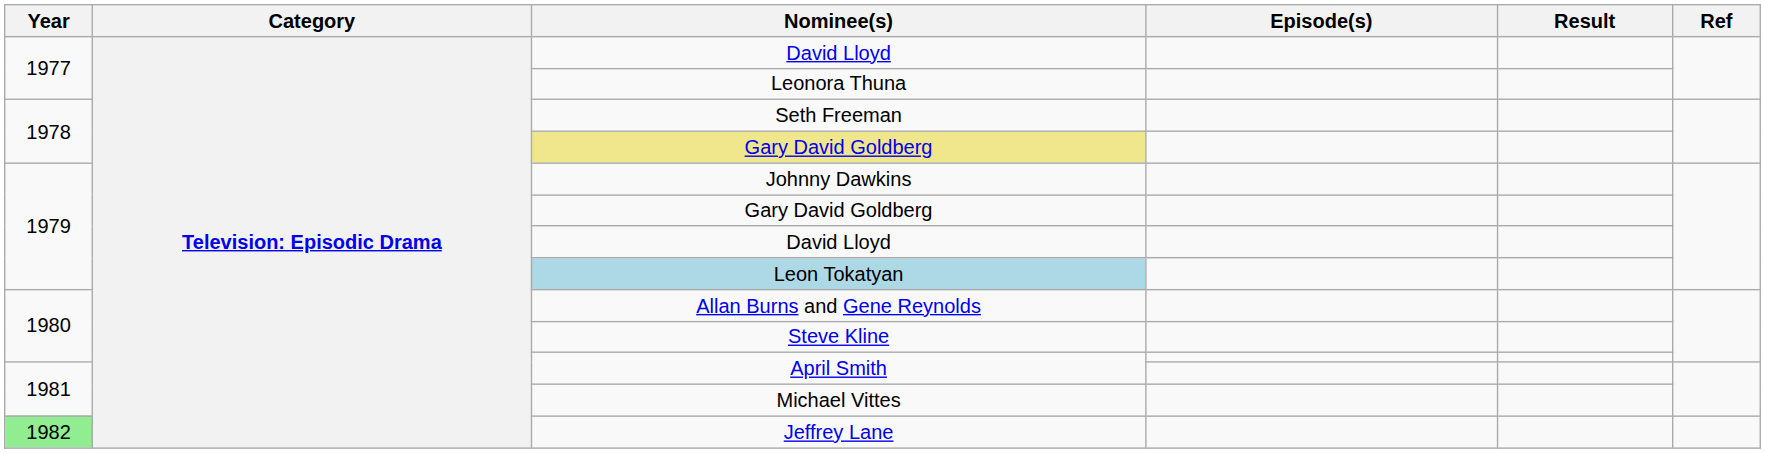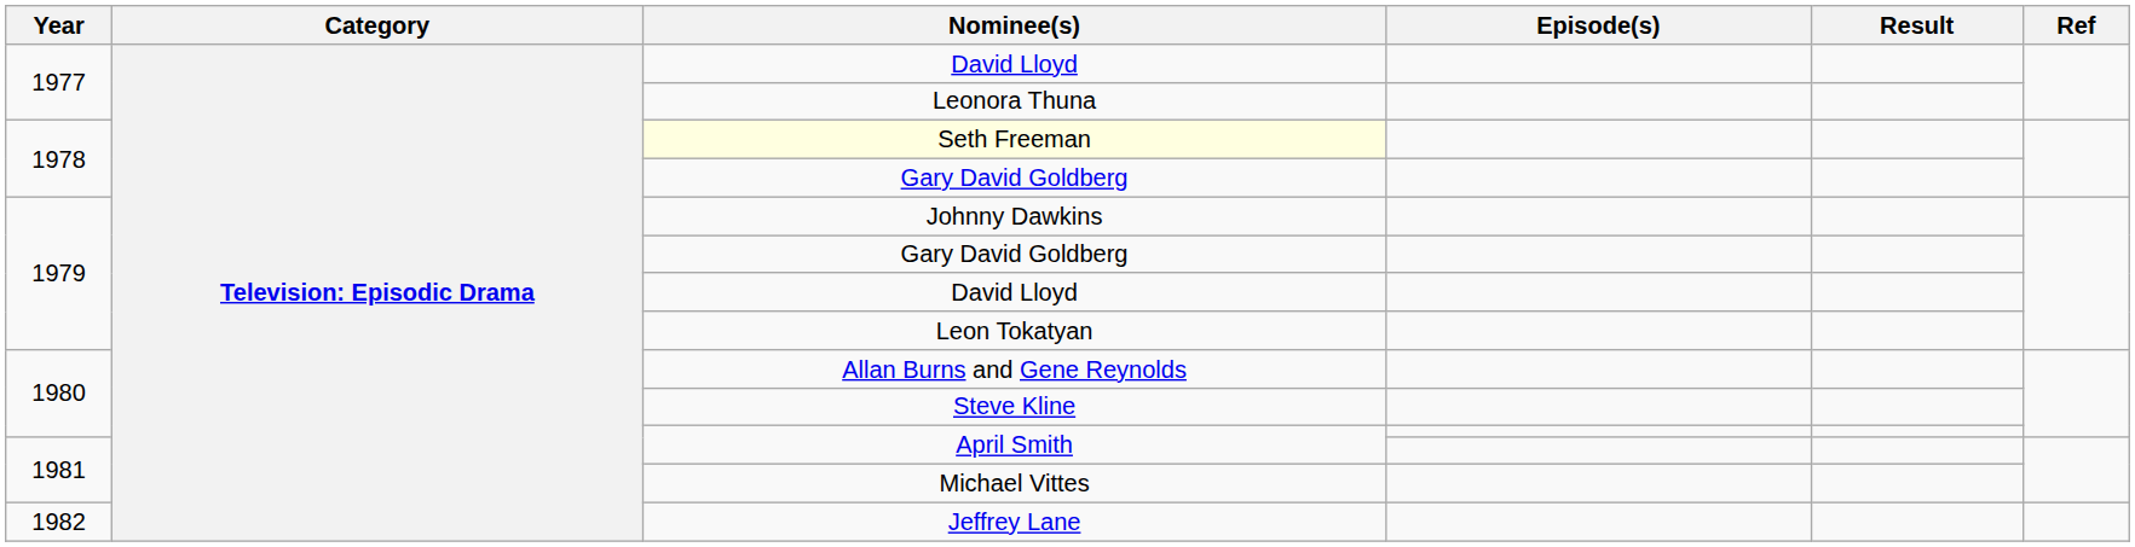 <table class="wikitable plainrowheaders" style="font-size: 90%; text-align:center" width=100%>
 <tr>
 <th scope="col" width="5%">Year</th>
 <th scope="col" width="25%">Category</th>
 <th scope="col" width="35%">Nominee(s)</th>
 <th scope="col" width="20%">Episode(s)</th>
 <th scope="col" width="10%">Result</th>
 <th scope="col" width="5%">Ref</th>
 </tr>
 <tr>
 <td rowspan="2">1977</td>
 <th scope="row" style="text-align:center" rowspan="14"><a href='#'>Television: Episodic Drama</a></th>
 <td><a href='#'>David Lloyd</a></td>
 <td></td>
 <td></td>
 <td rowspan="2"></td>
 </tr>
 <tr>
 <td>Leonora Thuna</td>
 <td></td>
 <td></td>
 </tr>
 <tr>
 <td rowspan="2">1978</td>
-<td>Seth Freeman</td>
+<td style="background: lightyellow;">Seth Freeman</td>
 <td></td>
 <td></td>
 <td rowspan="2"></td>
 </tr>
 <tr>
-<td style="background: khaki;"><a href='#'>Gary David Goldberg</a></td>
+<td><a href='#'>Gary David Goldberg</a></td>
 <td></td>
 <td></td>
 </tr>
 <tr>
 <td rowspan="4">1979</td>
 <td>Johnny Dawkins</td>
 <td></td>
 <td></td>
 <td rowspan="4"></td>
 </tr>
 <tr>
 <td>Gary David Goldberg</td>
 <td></td>
 <td></td>
 </tr>
 <tr>
 <td>David Lloyd</td>
 <td></td>
 <td></td>
 </tr>
 <tr>
-<td style="background: lightblue;">Leon Tokatyan</td>
+<td>Leon Tokatyan</td>
 <td></td>
 <td></td>
 </tr>
 <tr>
 <td rowspan="3">1980</td>
 <td><a href='#'>Allan Burns</a> and <a href='#'>Gene Reynolds</a></td>
 <td></td>
 <td></td>
 <td rowspan="3"></td>
 </tr>
 <tr>
 <td><a href='#'>Steve Kline</a></td>
 <td></td>
 <td></td>
 </tr>
 <tr>
 <td rowspan="2"><a href='#'>April Smith</a></td>
 <td></td>
 <td></td>
 </tr>
 <tr>
 <td rowspan="2">1981</td>
 <td></td>
 <td></td>
 <td rowspan="2"></td>
 </tr>
 <tr>
 <td>Michael Vittes</td>
 <td></td>
 <td></td>
 </tr>
 <tr>
-<td style="background: lightgreen;">1982</td>
+<td>1982</td>
 <td><a href='#'>Jeffrey Lane</a></td>
 <td></td>
 <td></td>
 <td></td>
 </tr>
 </table>
